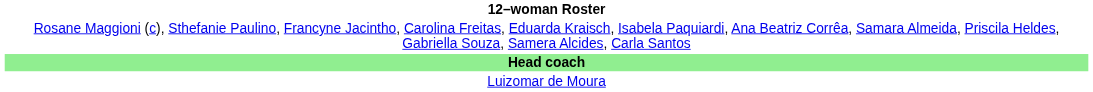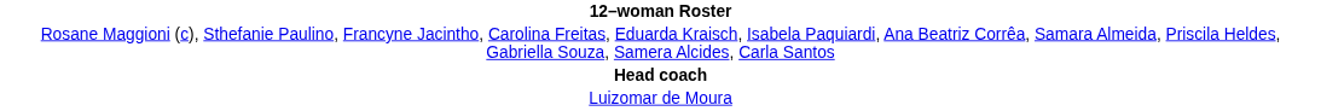 <table style="text-align:center; margin-top:2em; margin-left:auto; margin-right:auto">
 <tr>
 <td><strong>12–woman Roster</strong></td>
 </tr>
 <tr>
 <td><a href='#'>Rosane Maggioni</a> (<a href='#'>c</a>), <a href='#'>Sthefanie Paulino</a>, <a href='#'>Francyne Jacintho</a>, <a href='#'>Carolina Freitas</a>, <a href='#'>Eduarda Kraisch</a>, <a href='#'>Isabela Paquiardi</a>, <a href='#'>Ana Beatriz Corrêa</a>, <a href='#'>Samara Almeida</a>, <a href='#'>Priscila Heldes</a>, <a href='#'>Gabriella Souza</a>, <a href='#'>Samera Alcides</a>, <a href='#'>Carla Santos</a></td>
 </tr>
 <tr>
-<td style="background: lightgreen;"><strong>Head coach</strong></td>
+<td><strong>Head coach</strong></td>
 </tr>
 <tr>
 <td><a href='#'>Luizomar de Moura</a></td>
 </tr>
 </table>
